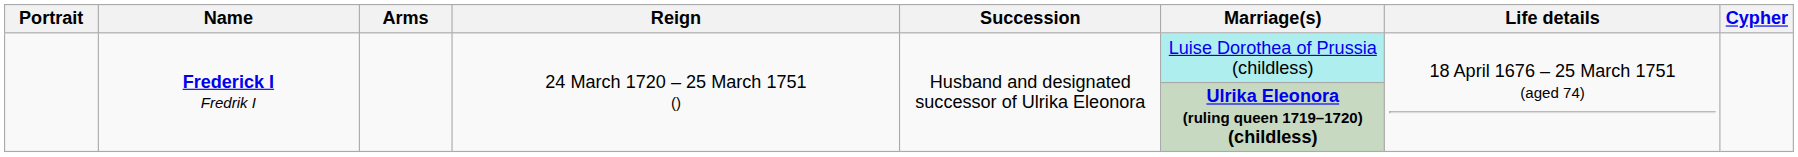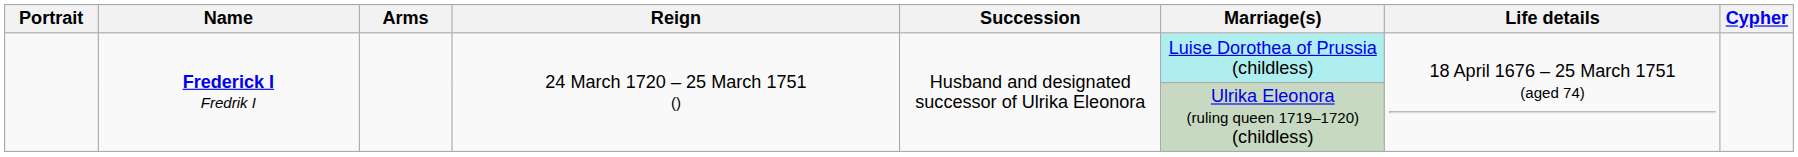 <table class="wikitable" style="text-align:center; width:100%;">
 <tr>
 <th width="5%">Portrait</th>
 <th width="14%">Name</th>
 <th width="5%">Arms</th>
 <th width="24%">Reign</th>
 <th width="14%">Succession</th>
 <th width="12%">Marriage(s)</th>
 <th width="18%">Life details</th>
 <th width="3%"><a href='#'>Cypher</a></th>
 </tr>
 <tr>
 <td rowspan=2></td>
 <td rowspan=2><strong><a href='#'>Frederick I</a></strong><br><small><em>Fredrik I</em></small></td>
 <td rowspan=2></td>
 <td rowspan=2>24 March 1720 – 25 March 1751<br><small>()</small></td>
 <td rowspan=2>Husband and designated successor of Ulrika Eleonora</td>
 <td style="background: paleturquoise;"><a href='#'>Luise Dorothea of Prussia</a><br>(childless)</td>
 <td rowspan=2>18 April 1676 – 25 March 1751<br><small>(aged 74)</small><hr></td>
 <td rowspan=2></td>
 </tr>
 <tr>
-<td style="background-color: #c7d9c1"><strong><a href='#'>Ulrika Eleonora</a><br><small>(ruling queen 1719–1720)<br></small> (childless)</strong></td>
+<td style="background-color: #c7d9c1"><a href='#'>Ulrika Eleonora</a><br><small>(ruling queen 1719–1720)<br></small> (childless)</td>
 </tr>
 </table>
